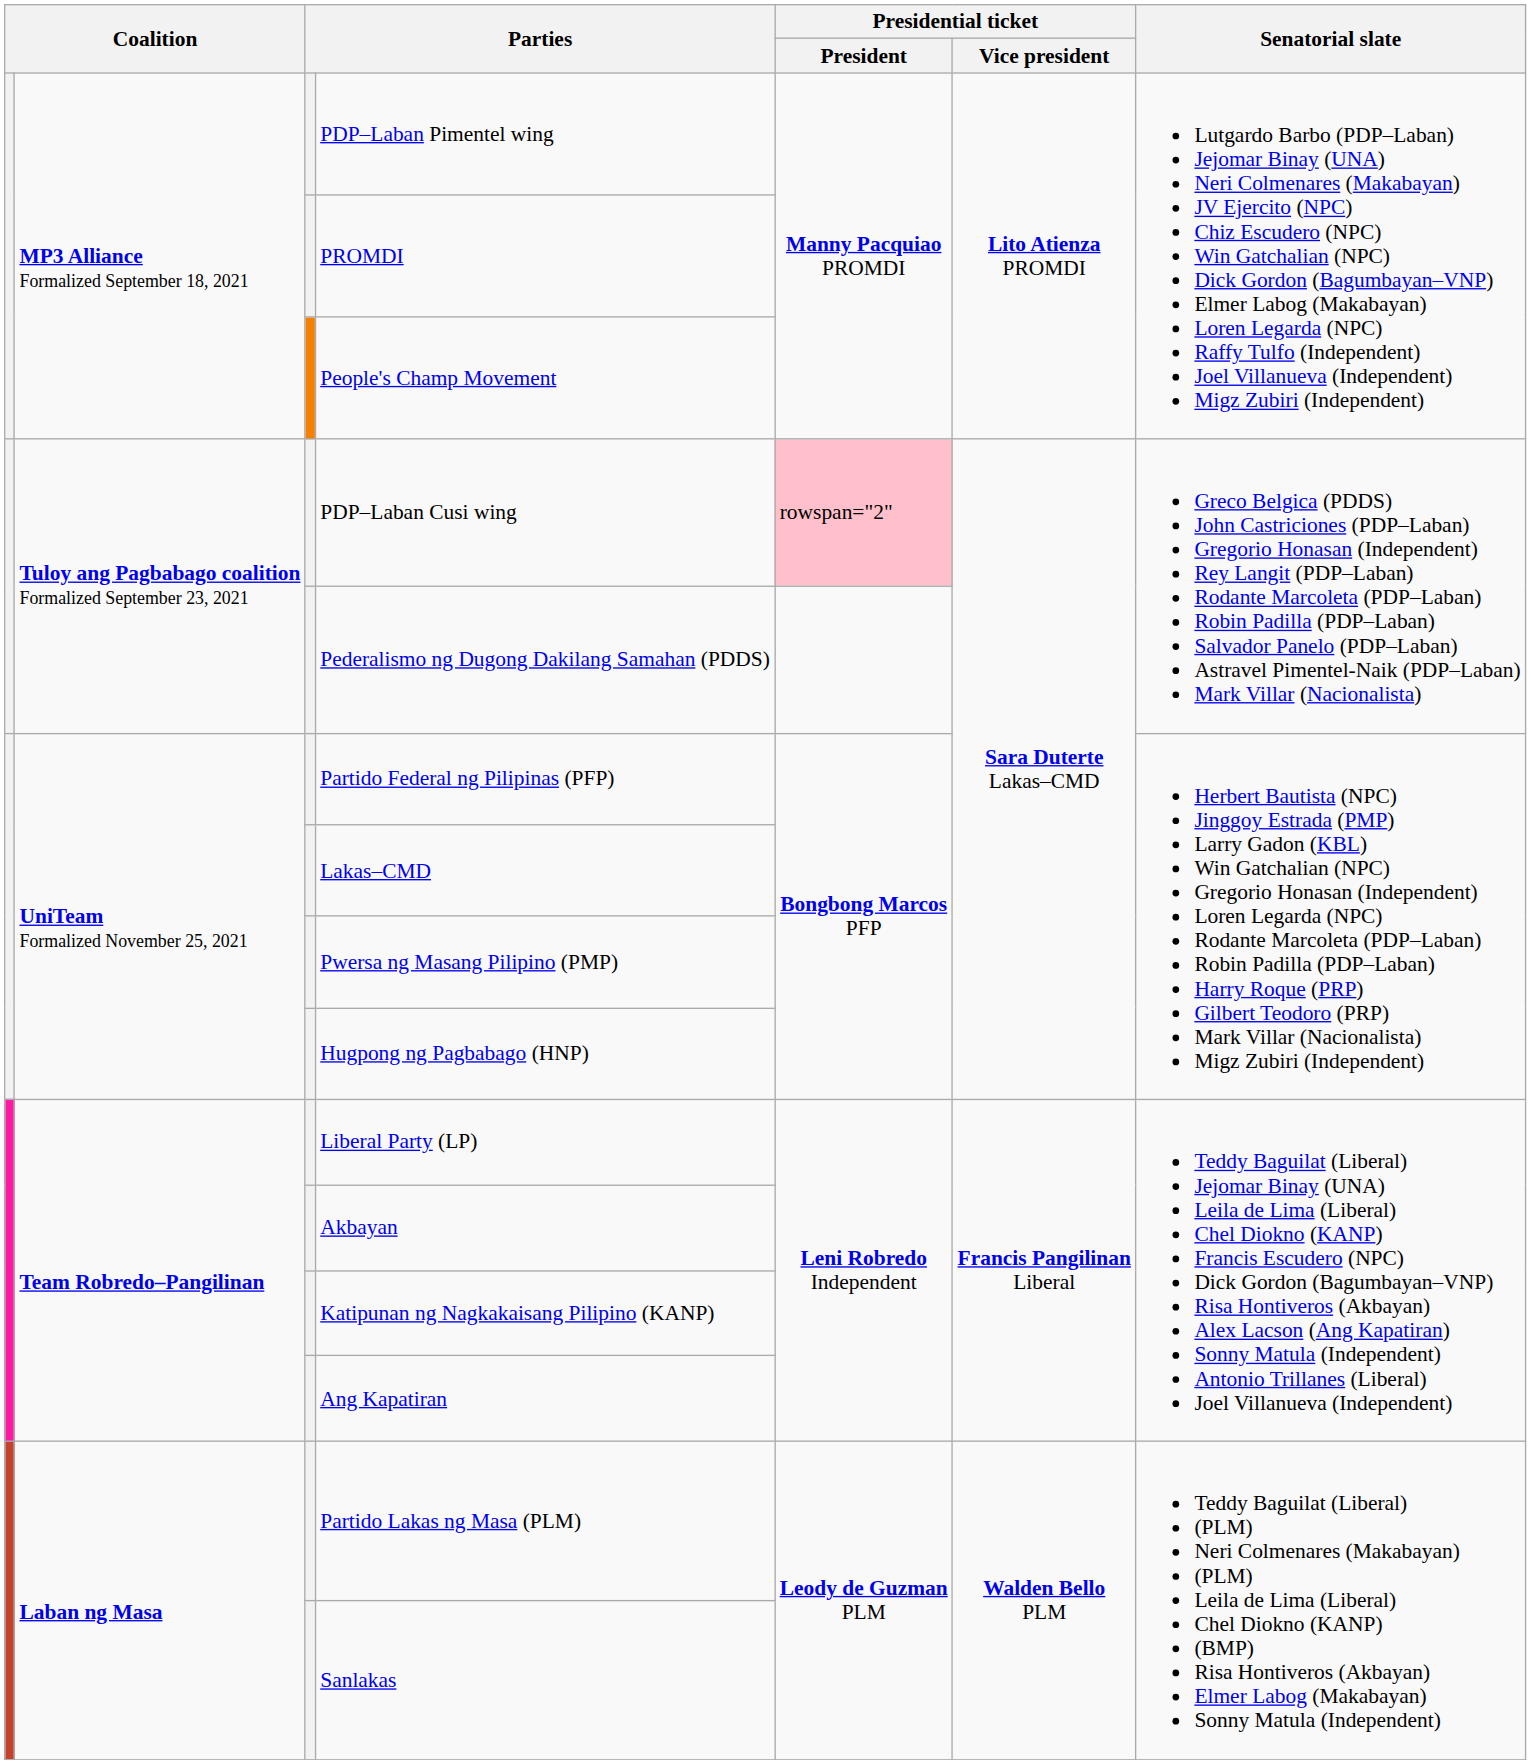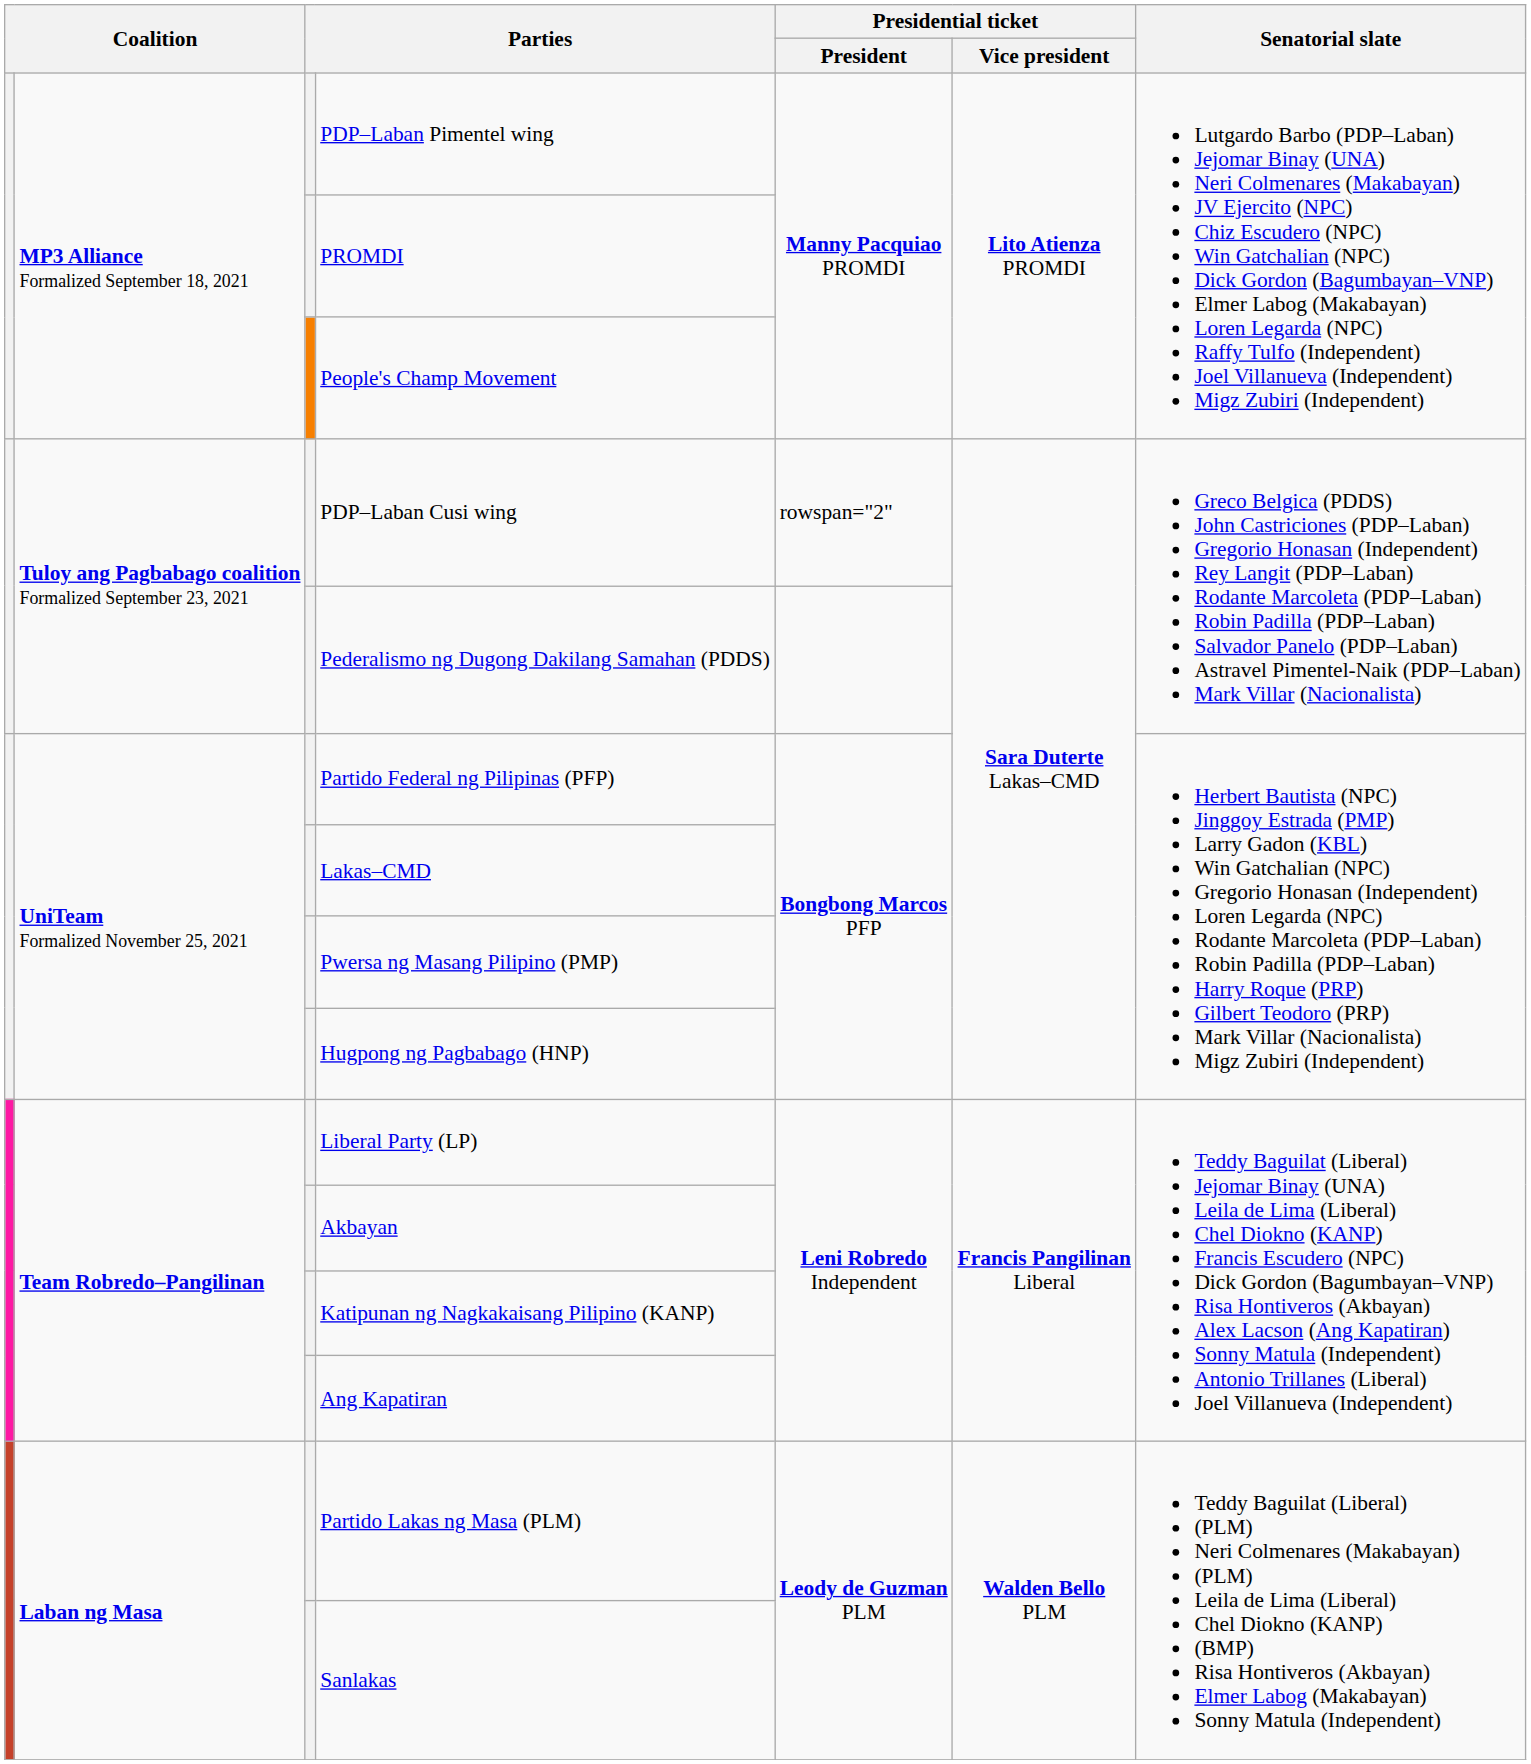 <table class="wikitable">
 <tr>
 <th colspan="2" rowspan="2">Coalition</th>
 <th colspan="2" rowspan="2">Parties</th>
 <th colspan="2">Presidential ticket</th>
 <th rowspan="2">Senatorial slate</th>
 </tr>
 <tr>
 <th>President</th>
 <th>Vice president</th>
 </tr>
 <tr>
 <th rowspan="3" style="background:"></th>
 <td rowspan="3"><br><strong><a href='#'>MP3 Alliance</a></strong><br><small>Formalized September 18, 2021</small></td>
 <th style="background:"></th>
 <td><a href='#'>PDP–Laban</a> Pimentel wing</td>
 <td rowspan="3"  style="text-align:center"><strong><a href='#'>Manny Pacquiao</a></strong><br>PROMDI</td>
 <td rowspan="3"  style="text-align:center"><strong><a href='#'>Lito Atienza</a></strong><br>PROMDI</td>
 <td rowspan="3"><br><ul><li>Lutgardo Barbo (PDP–Laban)</li><li><a href='#'>Jejomar Binay</a> (<a href='#'>UNA</a>)</li><li><a href='#'>Neri Colmenares</a> (<a href='#'>Makabayan</a>)</li><li><a href='#'>JV Ejercito</a> (<a href='#'>NPC</a>)</li><li><a href='#'>Chiz Escudero</a> (NPC)</li><li><a href='#'>Win Gatchalian</a> (NPC)</li><li><a href='#'>Dick Gordon</a> (<a href='#'>Bagumbayan–VNP</a>)</li><li>Elmer Labog (Makabayan)</li><li><a href='#'>Loren Legarda</a> (NPC)</li><li><a href='#'>Raffy Tulfo</a> (Independent)</li><li><a href='#'>Joel Villanueva</a> (Independent)</li><li><a href='#'>Migz Zubiri</a> (Independent)</li></ul></td>
 </tr>
 <tr>
 <th style="background:"></th>
 <td><a href='#'>PROMDI</a></td>
 </tr>
 <tr>
 <th style="background:#f77f00;"></th>
 <td><a href='#'>People's Champ Movement</a></td>
 </tr>
 <tr>
 <th rowspan="2" style="background:"></th>
 <td rowspan="2"><a href='#'><strong>Tuloy ang Pagbabago coalition</strong></a><br><small>Formalized September 23, 2021</small></td>
 <th style="background:"></th>
 <td>PDP–Laban Cusi wing</td>
-<td style="background: pink;">rowspan="2" </td>
+<td>rowspan="2" </td>
 <td rowspan="6" style="text-align:center"><strong><a href='#'>Sara Duterte</a></strong><br>Lakas–CMD</td>
 <td rowspan="2"><br><ul><li><a href='#'>Greco Belgica</a> (PDDS)</li><li><a href='#'>John Castriciones</a> (PDP–Laban)</li><li><a href='#'>Gregorio Honasan</a> (Independent)</li><li><a href='#'>Rey Langit</a> (PDP–Laban)</li><li><a href='#'>Rodante Marcoleta</a> (PDP–Laban)</li><li><a href='#'>Robin Padilla</a> (PDP–Laban)</li><li><a href='#'>Salvador Panelo</a> (PDP–Laban)</li><li>Astravel Pimentel-Naik (PDP–Laban)</li><li><a href='#'>Mark Villar</a> (<a href='#'>Nacionalista</a>)</li></ul></td>
 </tr>
 <tr>
 <th style="background:"></th>
 <td><a href='#'>Pederalismo ng Dugong Dakilang Samahan</a> (PDDS)</td>
 </tr>
 <tr>
 <th rowspan="4" style="background:"></th>
 <td rowspan="4"><br><strong><a href='#'>UniTeam</a></strong><br><small>Formalized November 25, 2021</small></td>
 <th style="background:"></th>
 <td><a href='#'>Partido Federal ng Pilipinas</a> (PFP)</td>
 <td rowspan="4" style="text-align:center"><strong><a href='#'>Bongbong Marcos</a></strong><br>PFP</td>
 <td rowspan="4"><br><ul><li><a href='#'>Herbert Bautista</a> (NPC)</li><li><a href='#'>Jinggoy Estrada</a> (<a href='#'>PMP</a>)</li><li>Larry Gadon (<a href='#'>KBL</a>)</li><li>Win Gatchalian (NPC)</li><li>Gregorio Honasan (Independent)</li><li>Loren Legarda (NPC)</li><li>Rodante Marcoleta (PDP–Laban)</li><li>Robin Padilla (PDP–Laban)</li><li><a href='#'>Harry Roque</a> (<a href='#'>PRP</a>)</li><li><a href='#'>Gilbert Teodoro</a> (PRP)</li><li>Mark Villar (Nacionalista)</li><li>Migz Zubiri (Independent)</li></ul></td>
 </tr>
 <tr>
 <th style="background:"></th>
 <td><a href='#'>Lakas–CMD</a></td>
 </tr>
 <tr>
 <th style="background:"></th>
 <td><a href='#'>Pwersa ng Masang Pilipino</a> (PMP)</td>
 </tr>
 <tr>
 <th style="background:"></th>
 <td><a href='#'>Hugpong ng Pagbabago</a> (HNP)</td>
 </tr>
 <tr>
 <th rowspan="4" style="background:#FE18A3"></th>
 <td rowspan="4"><br><strong><a href='#'>Team Robredo–Pangilinan</a></strong></td>
 <th style="background:"></th>
 <td><a href='#'>Liberal Party</a> (LP)</td>
 <td rowspan="4" style="text-align:center"><strong><a href='#'>Leni Robredo</a></strong><br>Independent</td>
 <td rowspan="4" style="text-align:center"><strong><a href='#'>Francis Pangilinan</a></strong><br>Liberal</td>
 <td rowspan="4"><br><ul><li><a href='#'>Teddy Baguilat</a> (Liberal)</li><li><a href='#'>Jejomar Binay</a> (UNA)</li><li><a href='#'>Leila de Lima</a> (Liberal)</li><li><a href='#'>Chel Diokno</a> (<a href='#'>KANP</a>)</li><li><a href='#'>Francis Escudero</a> (NPC)</li><li>Dick Gordon (Bagumbayan–VNP)</li><li><a href='#'>Risa Hontiveros</a> (Akbayan)</li><li><a href='#'>Alex Lacson</a> (<a href='#'>Ang Kapatiran</a>)</li><li><a href='#'>Sonny Matula</a> (Independent)</li><li><a href='#'>Antonio Trillanes</a> (Liberal)</li><li>Joel Villanueva (Independent)</li></ul></td>
 </tr>
 <tr>
 <th style="background:"></th>
 <td><a href='#'>Akbayan</a></td>
 </tr>
 <tr>
 <th style="background:"></th>
 <td><a href='#'>Katipunan ng Nagkakaisang Pilipino</a> (KANP)</td>
 </tr>
 <tr>
 <th style="background:"></th>
 <td><a href='#'>Ang Kapatiran</a></td>
 </tr>
 <tr>
 <th rowspan="2" style="background:#c5412a;"></th>
 <td rowspan="2"><br><strong><a href='#'>Laban ng Masa</a></strong></td>
 <th style="background:"></th>
 <td><a href='#'>Partido Lakas ng Masa</a> (PLM)</td>
 <td rowspan="2" style="text-align:center"><strong><a href='#'>Leody de Guzman</a></strong><br>PLM</td>
 <td rowspan="2" style="text-align:center"><strong><a href='#'>Walden Bello</a></strong><br>PLM</td>
 <td rowspan="2"><br><ul><li>Teddy Baguilat (Liberal)</li><li> (PLM)</li><li>Neri Colmenares (Makabayan)</li><li> (PLM)</li><li>Leila de Lima (Liberal)</li><li>Chel Diokno (KANP)</li><li> (BMP)</li><li>Risa Hontiveros (Akbayan)</li><li><a href='#'>Elmer Labog</a> (Makabayan)</li><li>Sonny Matula (Independent)</li></ul></td>
 </tr>
 <tr>
 <th style="background:"></th>
 <td><a href='#'>Sanlakas</a></td>
 </tr>
 <tr>
 </tr>
 </table>
